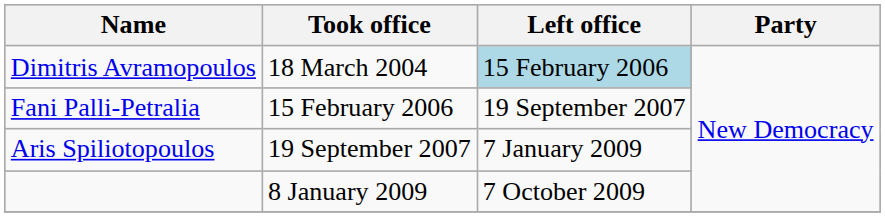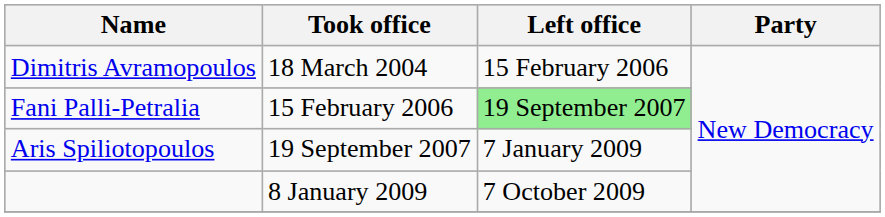 <table class="wikitable">
 <tr>
 <th>Name</th>
 <th>Took office</th>
 <th>Left office</th>
 <th>Party</th>
 </tr>
 <tr>
 <td><a href='#'>Dimitris Avramopoulos</a></td>
 <td>18 March 2004</td>
-<td style="background: lightblue;">15 February 2006</td>
+<td>15 February 2006</td>
 <td rowspan = 4><a href='#'>New Democracy</a></td>
 </tr>
 <tr>
 <td><a href='#'>Fani Palli-Petralia</a></td>
 <td>15 February 2006</td>
-<td>19 September 2007</td>
+<td style="background: lightgreen;">19 September 2007</td>
 </tr>
 <tr>
 <td><a href='#'>Aris Spiliotopoulos</a></td>
 <td>19 September 2007</td>
 <td>7 January 2009</td>
 </tr>
 <tr>
 <td></td>
 <td>8 January 2009</td>
 <td>7 October 2009</td>
 </tr>
 <tr>
 </tr>
 </table>
